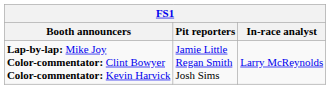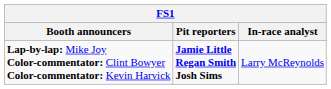 <table class="wikitable" style="font-size: 95%;">
 <tr>
 <th colspan="3"><a href='#'>FS1</a></th>
 </tr>
 <tr>
 <th>Booth announcers</th>
 <th>Pit reporters</th>
 <th>In-race analyst</th>
 </tr>
 <tr>
 <td><strong>Lap-by-lap:</strong> <a href='#'>Mike Joy</a><br><strong>Color-commentator:</strong> <a href='#'>Clint Bowyer</a><br><strong>Color-commentator:</strong> <a href='#'>Kevin Harvick</a></td>
-<td><a href='#'>Jamie Little</a><br><a href='#'>Regan Smith</a><br>Josh Sims</td>
+<td><strong><a href='#'>Jamie Little</a><br><a href='#'>Regan Smith</a><br>Josh Sims</strong></td>
 <td><a href='#'>Larry McReynolds</a></td>
 </tr>
 </table>
